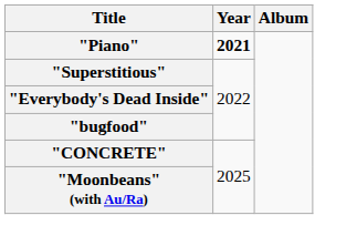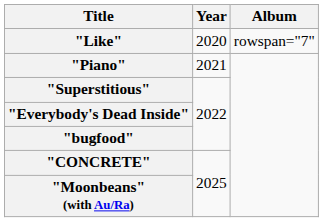 <table class="wikitable plainrowheaders" style="text-align:center">
 <tr>
 <th rowspan="1" scope="col">Title</th>
 <th rowspan="1" scope="col">Year</th>
 <th rowspan="1" scope="col">Album</th>
 </tr>
 <tr>
+<th scope="row">"Like"</th>
+<td>2020</td>
+<td>rowspan="7" </td>
+</tr>
+<tr>
 <th scope="row">"Piano"</th>
-<td><strong>2021</strong></td>
+<td>2021</td>
 </tr>
 <tr>
 <th scope="row">"Superstitious"</th>
 <td rowspan="3">2022</td>
 </tr>
 <tr>
 <th scope="row">"Everybody's Dead Inside"</th>
 </tr>
 <tr>
 <th scope="row">"bugfood"</th>
 </tr>
 <tr>
 <th scope="row">"CONCRETE"</th>
 <td rowspan="2">2025</td>
 </tr>
 <tr>
 <th scope="row">"Moonbeans"<br><small>(with <a href='#'>Au/Ra</a>)</small></th>
 </tr>
 </table>
